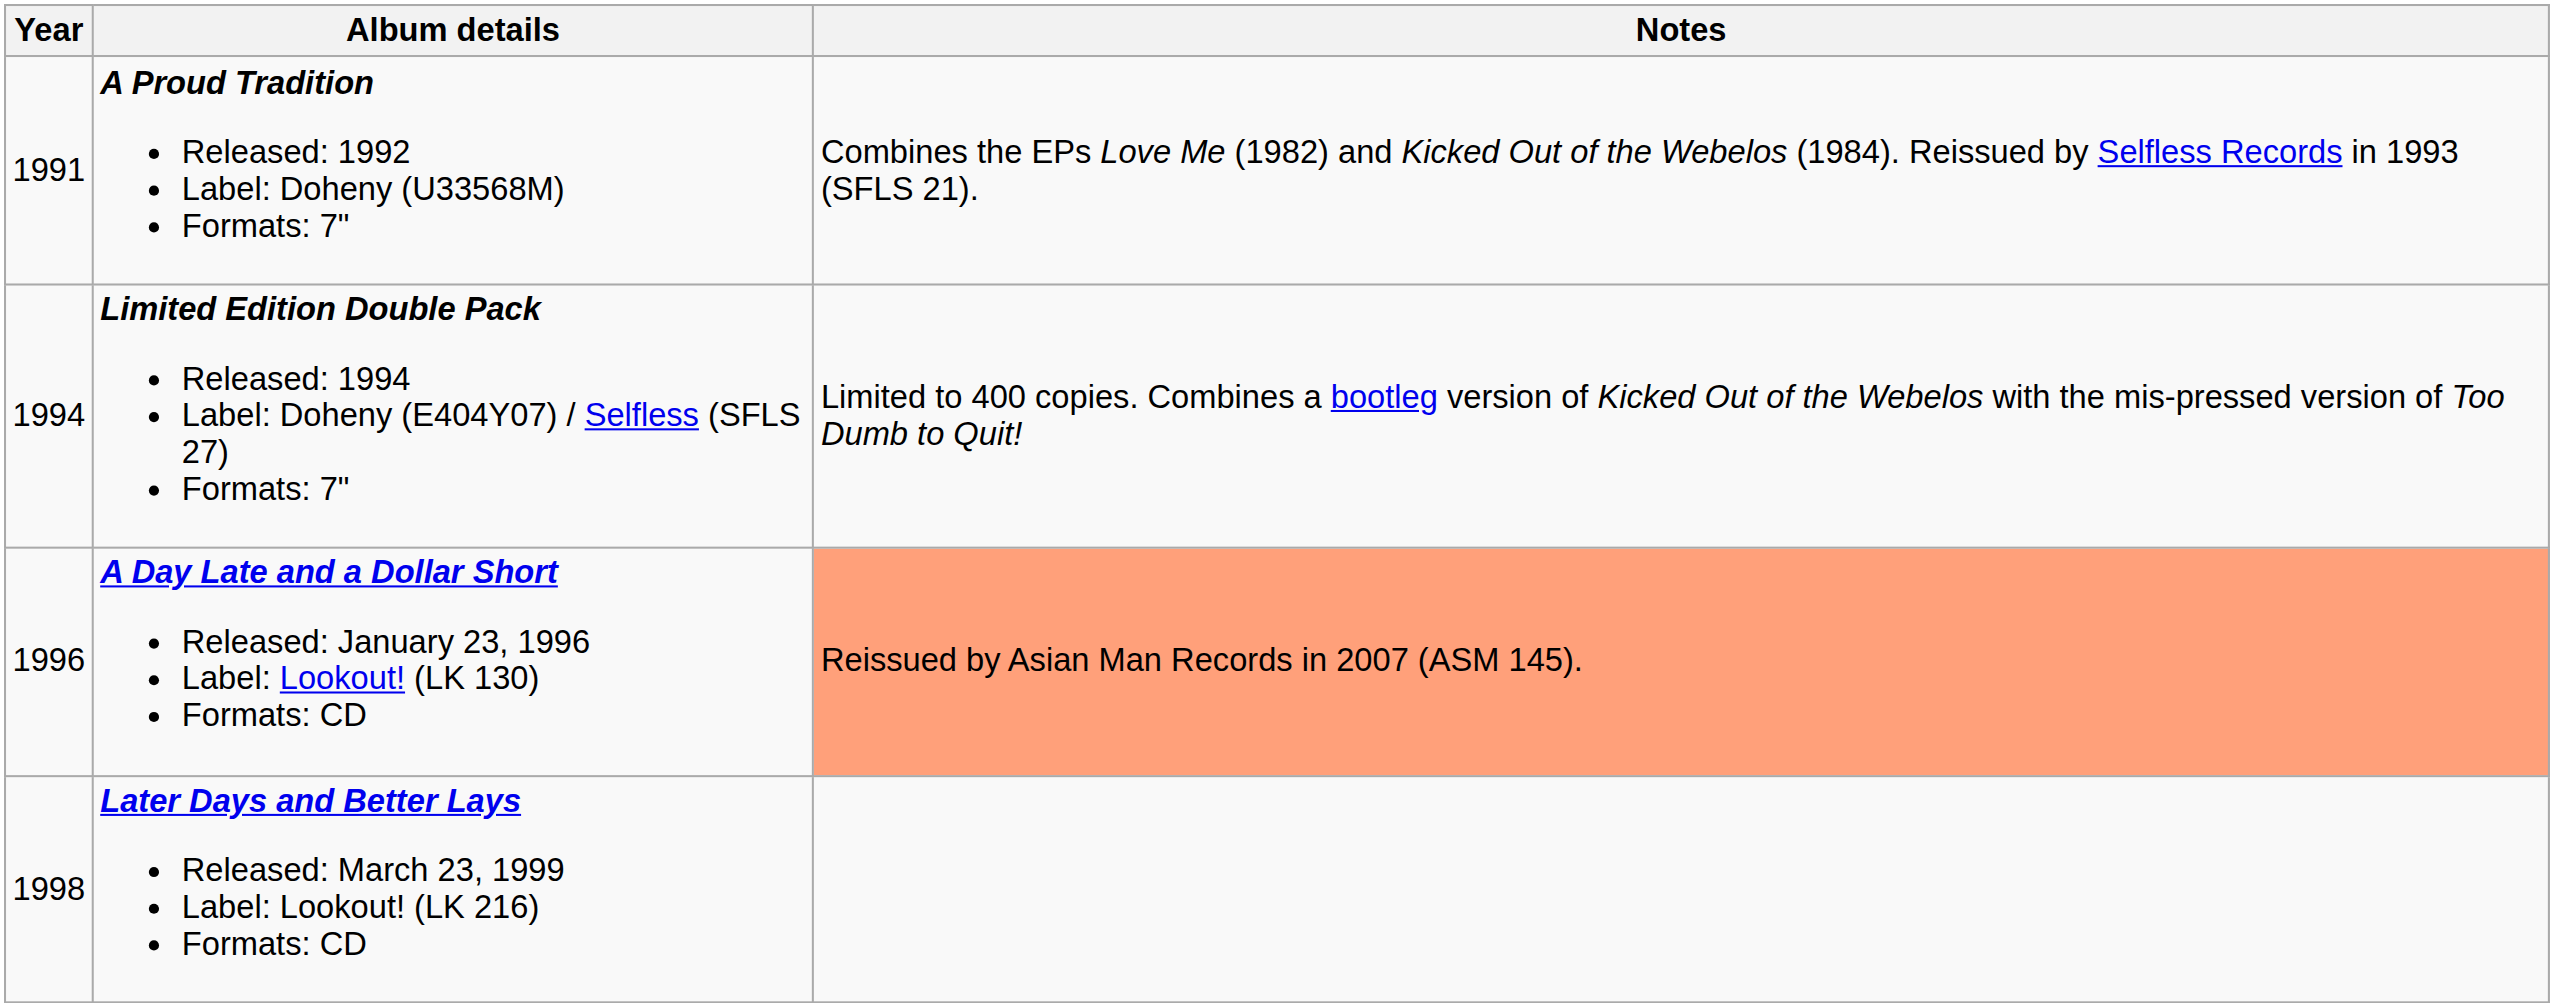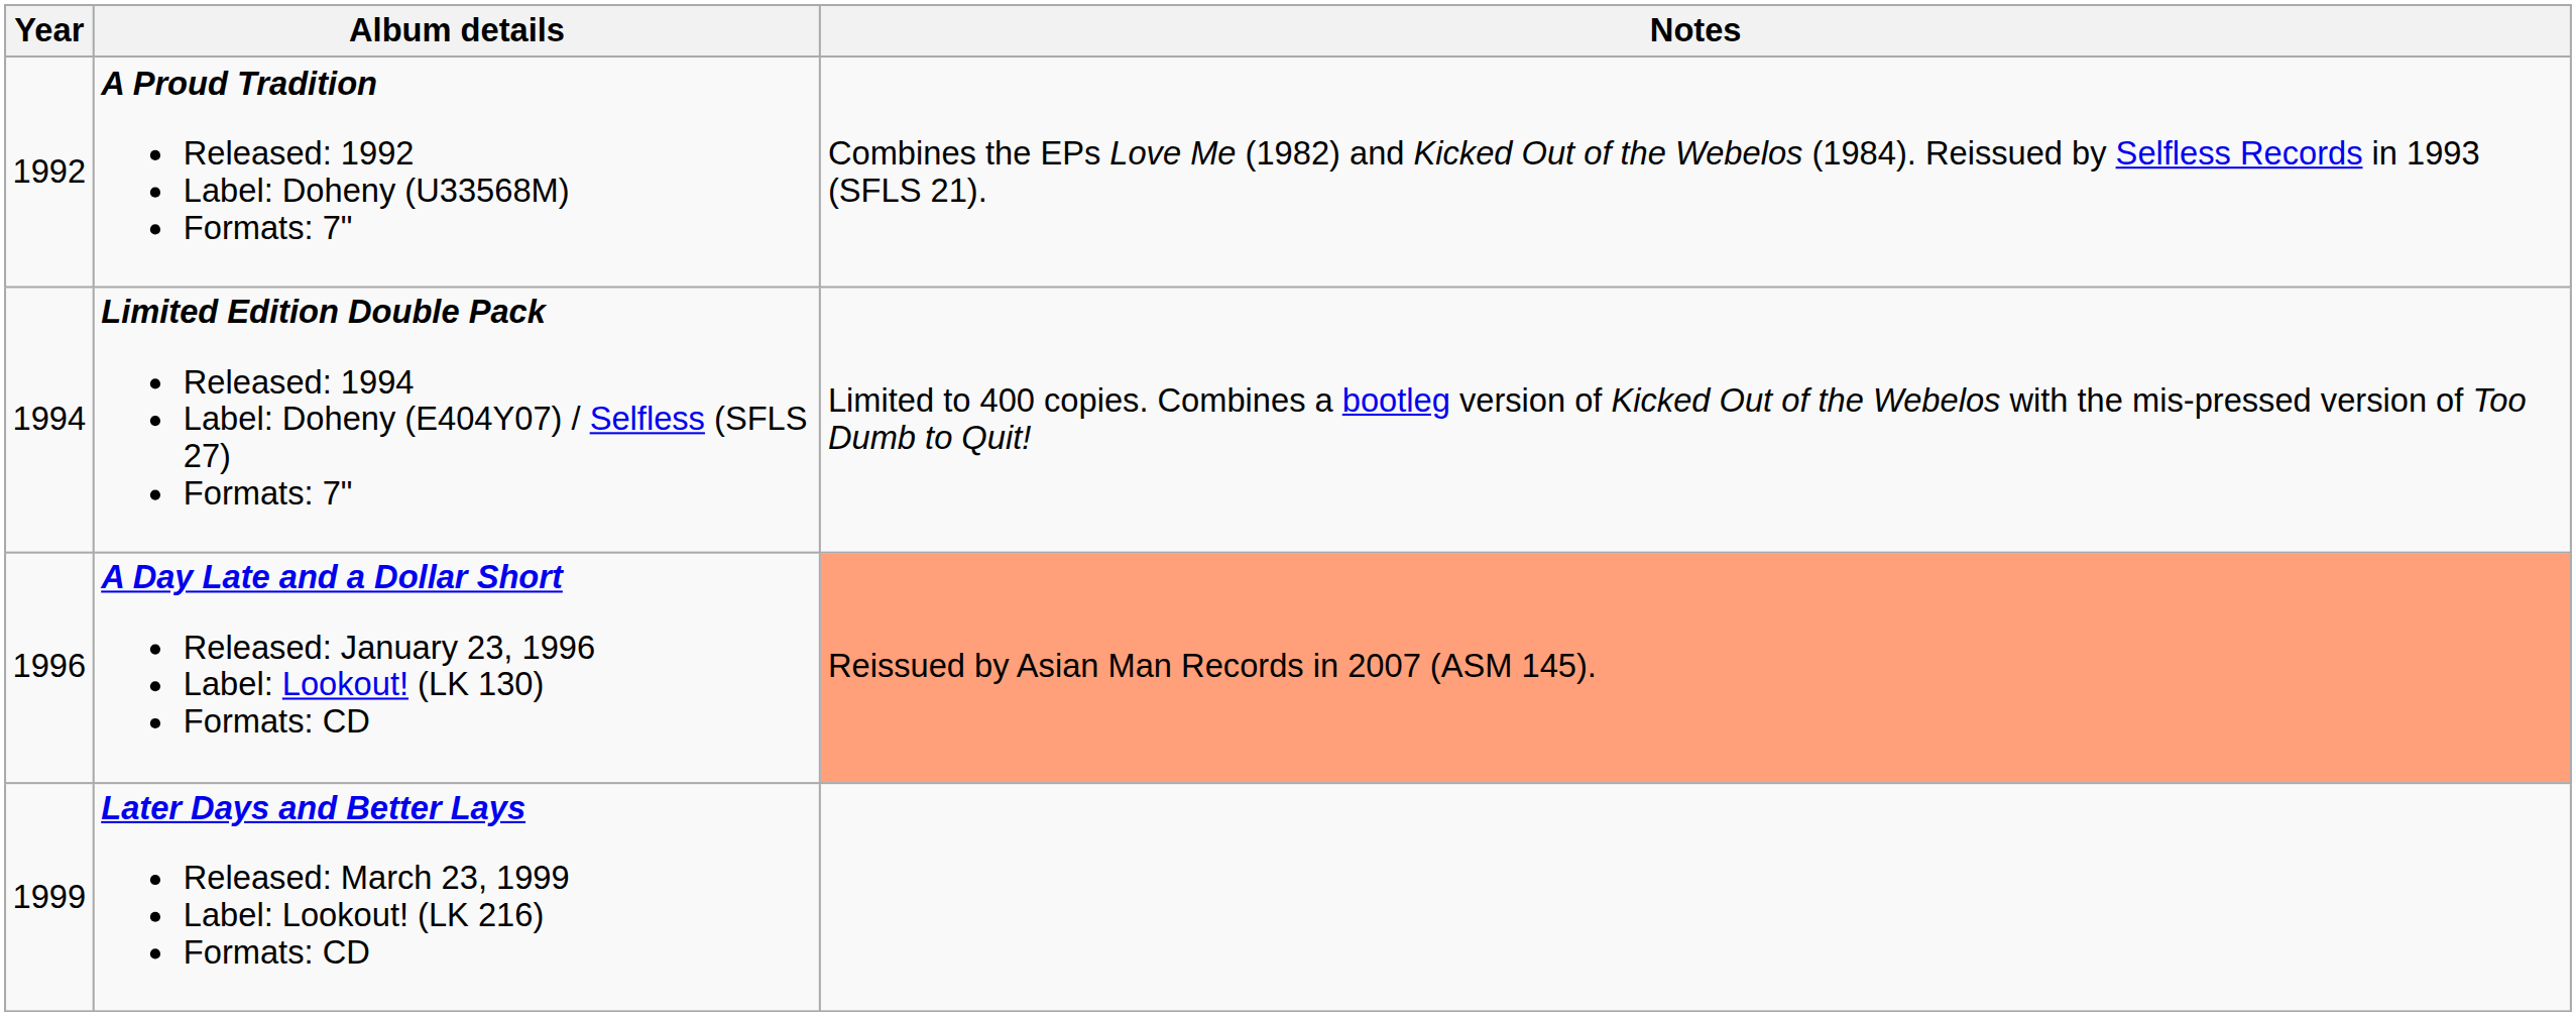 <table class ="wikitable">
 <tr>
 <th>Year</th>
 <th>Album details</th>
 <th>Notes</th>
 </tr>
 <tr>
-<td>1991</td>
+<td>1992</td>
 <td><strong><em>A Proud Tradition</em></strong><br><ul><li>Released: 1992</li><li>Label: Doheny (U33568M)</li><li>Formats: 7"</li></ul></td>
 <td>Combines the EPs <em>Love Me</em> (1982) and <em>Kicked Out of the Webelos</em> (1984). Reissued by <a href='#'>Selfless Records</a> in 1993 (SFLS 21).</td>
 </tr>
 <tr>
 <td>1994</td>
 <td><strong><em>Limited Edition Double Pack</em></strong><br><ul><li>Released: 1994</li><li>Label: Doheny (E404Y07) / <a href='#'>Selfless</a> (SFLS 27)</li><li>Formats: 7"</li></ul></td>
 <td>Limited to 400 copies. Combines a <a href='#'>bootleg</a> version of <em>Kicked Out of the Webelos</em> with the mis-pressed version of <em>Too Dumb to Quit!</em></td>
 </tr>
 <tr>
 <td>1996</td>
 <td><strong><em><a href='#'>A Day Late and a Dollar Short</a></em></strong><br><ul><li>Released: January 23, 1996</li><li>Label: <a href='#'>Lookout!</a> (LK 130)</li><li>Formats: CD</li></ul></td>
 <td style="background: lightsalmon;">Reissued by Asian Man Records in 2007 (ASM 145).</td>
 </tr>
 <tr>
-<td>1998</td>
+<td>1999</td>
 <td><strong><em><a href='#'>Later Days and Better Lays</a></em></strong><br><ul><li>Released: March 23, 1999</li><li>Label: Lookout! (LK 216)</li><li>Formats: CD</li></ul></td>
 <td></td>
 </tr>
 <tr>
 </tr>
 </table>
